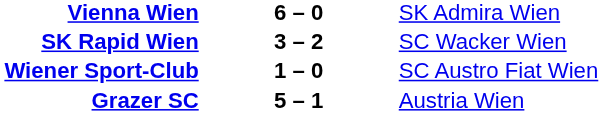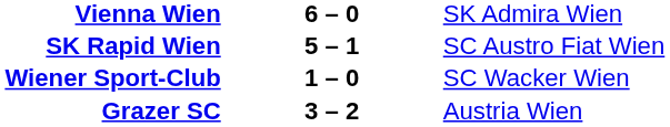 <table width=100% cellspacing=1>
 <tr>
 <th width=25%></th>
 <th width=10%></th>
 <th width=25%></th>
 <th></th>
 </tr>
 <tr style=font-size:90%>
 <td align=right><strong><a href='#'>Vienna Wien</a></strong></td>
 <td align=center><strong>6 – 0</strong></td>
 <td><a href='#'>SK Admira Wien</a></td>
 </tr>
 <tr style=font-size:90%>
 <td align=right><strong><a href='#'>SK Rapid Wien</a></strong></td>
-<td align=center><strong>3 – 2</strong></td>
-<td><a href='#'>SC Wacker Wien</a></td>
+<td align=center><strong>5 – 1</strong></td>
+<td><a href='#'>SC Austro Fiat Wien</a></td>
 </tr>
 <tr style=font-size:90%>
 <td align=right><strong><a href='#'>Wiener Sport-Club</a></strong></td>
 <td align=center><strong>1 – 0</strong></td>
-<td><a href='#'>SC Austro Fiat Wien</a></td>
+<td><a href='#'>SC Wacker Wien</a></td>
 </tr>
 <tr style=font-size:90%>
 <td align=right><strong><a href='#'>Grazer SC</a></strong></td>
-<td align=center><strong>5 – 1</strong></td>
+<td align=center><strong>3 – 2</strong></td>
 <td><a href='#'>Austria Wien</a></td>
 </tr>
 </table>
